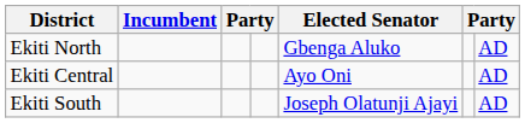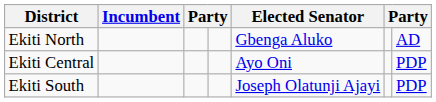 <table class="sortable wikitable" style="font-size:95%;line-height:14px;">
 <tr>
 <th class="unsortable">District</th>
 <th class="unsortable"><a href='#'>Incumbent</a></th>
 <th colspan="2">Party</th>
 <th class="unsortable">Elected Senator</th>
 <th colspan="2">Party</th>
 </tr>
 <tr>
 <td>Ekiti North</td>
 <td></td>
 <td></td>
 <td></td>
 <td><a href='#'>Gbenga Aluko</a></td>
 <td style="background:"></td>
 <td><a href='#'>AD</a></td>
 </tr>
 <tr>
 <td>Ekiti Central</td>
 <td></td>
 <td></td>
 <td></td>
 <td><a href='#'>Ayo Oni</a></td>
 <td style="background:"></td>
-<td><a href='#'>AD</a></td>
+<td><a href='#'>PDP</a></td>
 </tr>
 <tr>
 <td>Ekiti South</td>
 <td></td>
 <td></td>
 <td></td>
 <td><a href='#'>Joseph Olatunji Ajayi</a></td>
 <td style="background:"></td>
-<td><a href='#'>AD</a></td>
+<td><a href='#'>PDP</a></td>
 </tr>
 </table>
